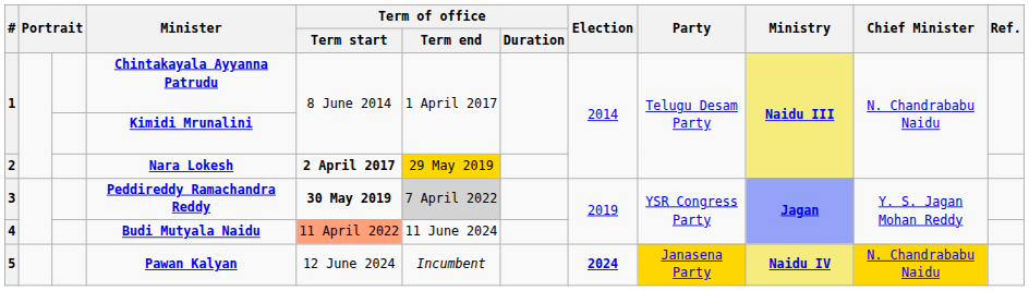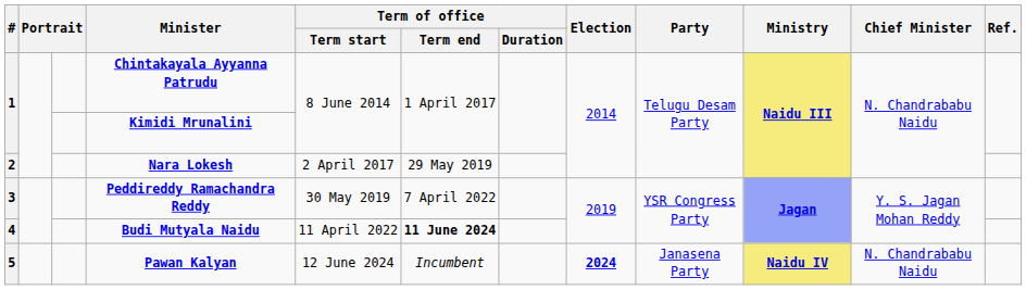 <table class="wikitable" style="line-height:1.4em; text-align:center">
 <tr>
 <th rowspan=2>#</th>
 <th rowspan=2 colspan="2">Portrait</th>
 <th rowspan=2 style="width:16em">Minister<br></th>
 <th colspan="3">Term of office</th>
 <th rowspan=2 style="width:5em">Election<br></th>
 <th rowspan=2 style="width:8em">Party</th>
 <th rowspan=2 style="width:8em">Ministry</th>
 <th rowspan=2 style="width:10em">Chief Minister</th>
 <th rowspan=2>Ref.</th>
 </tr>
 <tr>
 <th>Term start</th>
 <th>Term end</th>
 <th>Duration</th>
 </tr>
 <tr>
 <th rowspan=2>1</th>
 <td rowspan=3></td>
 <td></td>
 <td><strong><a href='#'>Chintakayala Ayyanna Patrudu</a></strong><br><br></td>
 <td rowspan=2>8 June 2014</td>
 <td rowspan=2>1 April 2017</td>
 <td rowspan=2><strong></strong></td>
 <td rowspan=3><a href='#'>2014</a><br></td>
 <td rowspan=3><a href='#'>Telugu Desam Party</a></td>
 <td rowspan=3 bgcolor="#F5EC7D"><strong><a href='#'>Naidu III</a></strong></td>
 <td rowspan=3><a href='#'>N. Chandrababu Naidu</a></td>
 <td rowspan=2></td>
 </tr>
 <tr>
 <td></td>
 <td><strong><a href='#'>Kimidi Mrunalini</a></strong><br><br></td>
 </tr>
 <tr>
 <th>2</th>
 <td></td>
 <td><strong><a href='#'>Nara Lokesh</a></strong><br></td>
-<td><strong>2 April 2017</strong></td>
-<td style="background: gold;">29 May 2019</td>
+<td>2 April 2017</td>
+<td>29 May 2019</td>
 <td><strong></strong></td>
 <td></td>
 </tr>
 <tr>
 <th>3</th>
 <td rowspan=2></td>
 <td></td>
 <td><strong><a href='#'>Peddireddy Ramachandra Reddy</a></strong><br></td>
-<td><strong>30 May 2019</strong></td>
-<td style="background: lightgrey;">7 April 2022</td>
+<td>30 May 2019</td>
+<td>7 April 2022</td>
 <td><strong></strong></td>
 <td rowspan=2><a href='#'>2019</a><br></td>
 <td rowspan="2"><a href='#'>YSR Congress Party</a></td>
 <td rowspan=2 bgcolor="#94A2F7"><strong><a href='#'>Jagan</a></strong></td>
 <td rowspan="2"><a href='#'>Y. S. Jagan Mohan Reddy</a></td>
 <td></td>
 </tr>
 <tr>
 <th>4</th>
 <td></td>
 <td><strong><a href='#'>Budi Mutyala Naidu</a></strong><br></td>
-<td style="background: lightsalmon;">11 April 2022</td>
-<td>11 June 2024</td>
+<td>11 April 2022</td>
+<td><strong>11 June 2024</strong></td>
 <td><strong></strong></td>
 <td></td>
 </tr>
 <tr>
 <th>5</th>
 <td></td>
 <td></td>
 <td><strong><a href='#'>Pawan Kalyan</a></strong><br></td>
 <td>12 June 2024</td>
 <td><em>Incumbent</em></td>
 <td><strong></strong></td>
 <td><strong><a href='#'>2024</a><br></strong></td>
-<td style="background: gold;"><a href='#'>Janasena Party</a></td>
+<td><a href='#'>Janasena Party</a></td>
 <td bgcolor="#F5EC7D"><strong><a href='#'>Naidu IV</a></strong></td>
-<td style="background: gold;"><a href='#'>N. Chandrababu Naidu</a></td>
+<td><a href='#'>N. Chandrababu Naidu</a></td>
 <td></td>
 </tr>
 </table>
